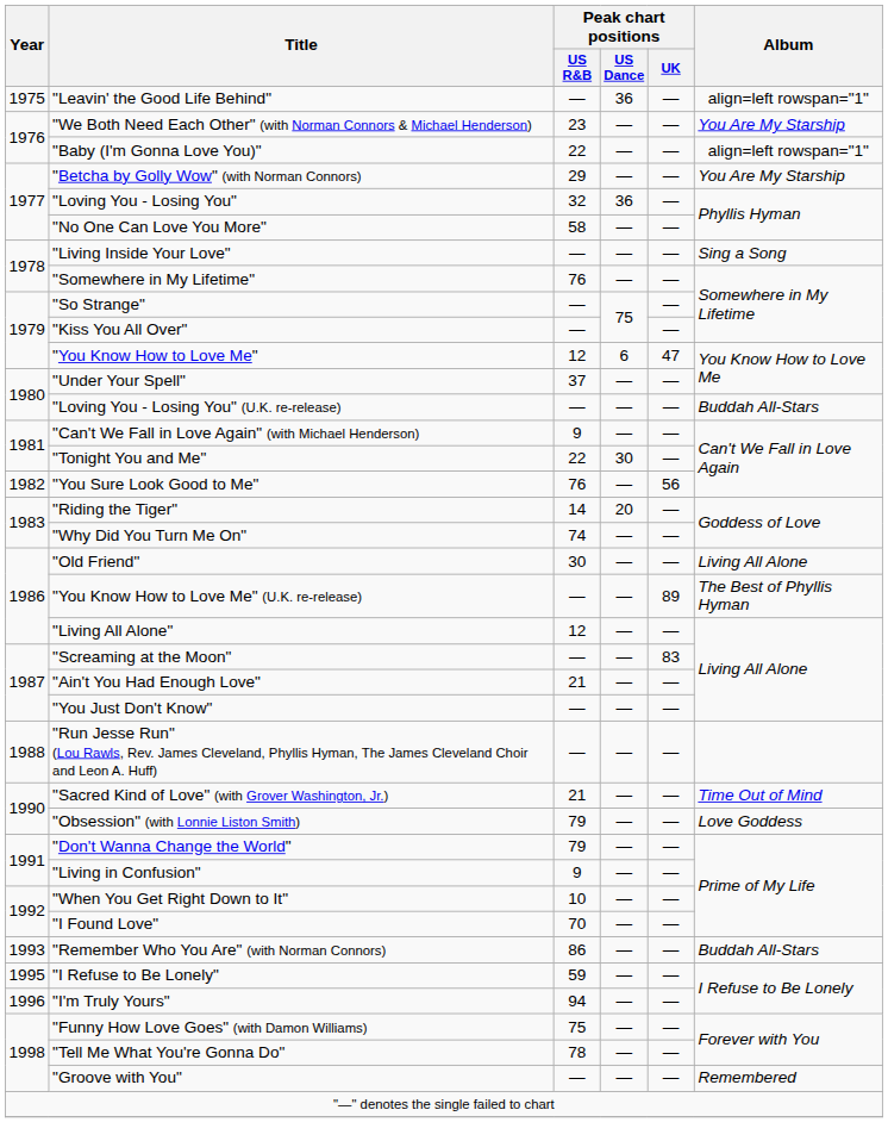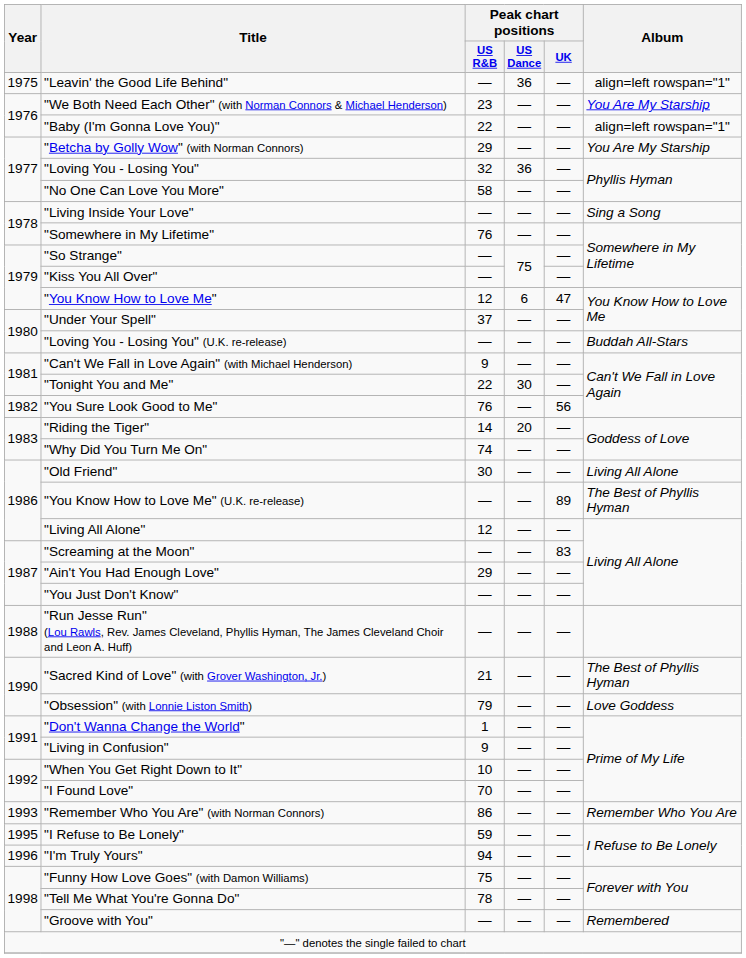 <table class="wikitable" style="text-align:center;">
 <tr>
 <th rowspan="2">Year</th>
 <th rowspan="2">Title</th>
 <th colspan="3">Peak chart positions</th>
 <th rowspan="2">Album</th>
 </tr>
 <tr style="font-size:smaller;">
 <th width="40"><a href='#'>US<br>R&B</a><br></th>
 <th width="40"><a href='#'>US<br>Dance</a><br></th>
 <th width="40"><a href='#'>UK</a><br></th>
 </tr>
 <tr>
 <td rowspan="1">1975</td>
 <td align="left">"Leavin' the Good Life Behind"</td>
 <td>—</td>
 <td>36</td>
 <td>—</td>
 <td>align=left rowspan="1" </td>
 </tr>
 <tr>
 <td rowspan="2">1976</td>
 <td align="left">"We Both Need Each Other" <small>(with <a href='#'>Norman Connors</a> & <a href='#'>Michael Henderson</a>)</small></td>
 <td>23</td>
 <td>—</td>
 <td>—</td>
 <td align="left" rowspan="1"><em><a href='#'>You Are My Starship</a></em></td>
 </tr>
 <tr>
 <td align="left">"Baby (I'm Gonna Love You)"</td>
 <td>22</td>
 <td>—</td>
 <td>—</td>
 <td>align=left rowspan="1" </td>
 </tr>
 <tr>
 <td rowspan="3">1977</td>
 <td align="left">"<a href='#'>Betcha by Golly Wow</a>" <small>(with Norman Connors)</small></td>
 <td>29</td>
 <td>—</td>
 <td>—</td>
 <td align="left" rowspan="1"><em>You Are My Starship</em></td>
 </tr>
 <tr>
 <td align="left">"Loving You - Losing You"</td>
 <td>32</td>
 <td>36</td>
 <td>—</td>
 <td align="left" rowspan="2"><em>Phyllis Hyman</em></td>
 </tr>
 <tr>
 <td align="left">"No One Can Love You More"</td>
 <td>58</td>
 <td>—</td>
 <td>—</td>
 </tr>
 <tr>
 <td rowspan="2">1978</td>
 <td align="left">"Living Inside Your Love"</td>
 <td>—</td>
 <td>—</td>
 <td>—</td>
 <td align="left"><em>Sing a Song</em></td>
 </tr>
 <tr>
 <td align="left">"Somewhere in My Lifetime"</td>
 <td>76</td>
 <td>—</td>
 <td>—</td>
 <td align="left" rowspan="3"><em>Somewhere in My Lifetime</em></td>
 </tr>
 <tr>
 <td rowspan="3">1979</td>
 <td align="left">"So Strange"</td>
 <td>—</td>
 <td rowspan="2">75</td>
 <td>—</td>
 </tr>
 <tr>
 <td align="left">"Kiss You All Over"</td>
 <td>—</td>
 <td>—</td>
 </tr>
 <tr>
 <td align="left">"<a href='#'>You Know How to Love Me</a>"</td>
 <td>12</td>
 <td>6</td>
 <td>47</td>
 <td align="left" rowspan="2"><em>You Know How to Love Me</em></td>
 </tr>
 <tr>
 <td rowspan="2">1980</td>
 <td align="left">"Under Your Spell"</td>
 <td>37</td>
 <td>—</td>
 <td>—</td>
 </tr>
 <tr>
 <td align="left">"Loving You - Losing You" <small>(U.K. re-release)</small></td>
 <td>—</td>
 <td>—</td>
 <td>—</td>
 <td align="left" rowspan="1"><em>Buddah All-Stars</em></td>
 </tr>
 <tr>
 <td rowspan="2">1981</td>
 <td align="left">"Can't We Fall in Love Again" <small>(with Michael Henderson)</small></td>
 <td>9</td>
 <td>—</td>
 <td>—</td>
 <td align="left" rowspan="3"><em>Can't We Fall in Love Again</em></td>
 </tr>
 <tr>
 <td align="left">"Tonight You and Me"</td>
 <td>22</td>
 <td>30</td>
 <td>—</td>
 </tr>
 <tr>
 <td rowspan="1">1982</td>
 <td align="left">"You Sure Look Good to Me"</td>
 <td>76</td>
 <td>—</td>
 <td>56</td>
 </tr>
 <tr>
 <td rowspan="2">1983</td>
 <td align="left">"Riding the Tiger"</td>
 <td>14</td>
 <td>20</td>
 <td>—</td>
 <td align="left" rowspan="2"><em>Goddess of Love</em></td>
 </tr>
 <tr>
 <td align="left">"Why Did You Turn Me On"</td>
 <td>74</td>
 <td>—</td>
 <td>—</td>
 </tr>
 <tr>
 <td rowspan="3">1986</td>
 <td align="left">"Old Friend"</td>
 <td>30</td>
 <td>—</td>
 <td>—</td>
 <td align="left" rowspan="1"><em>Living All Alone</em></td>
 </tr>
 <tr>
 <td align="left">"You Know How to Love Me" <small>(U.K. re-release)</small></td>
 <td>—</td>
 <td>—</td>
 <td>89</td>
 <td align="left" rowspan="1"><em>The Best of Phyllis Hyman</em></td>
 </tr>
 <tr>
 <td align="left">"Living All Alone"</td>
 <td>12</td>
 <td>—</td>
 <td>—</td>
 <td align="left" rowspan="4"><em>Living All Alone</em></td>
 </tr>
 <tr>
 <td rowspan="3">1987</td>
 <td align="left">"Screaming at the Moon"</td>
 <td>—</td>
 <td>—</td>
 <td>83</td>
 </tr>
 <tr>
 <td align="left">"Ain't You Had Enough Love"</td>
-<td>21</td>
+<td>29</td>
 <td>—</td>
 <td>—</td>
 </tr>
 <tr>
 <td align="left">"You Just Don't Know"</td>
 <td>—</td>
 <td>—</td>
 <td>—</td>
 </tr>
 <tr>
 <td>1988</td>
 <td align="left">"Run Jesse Run"<br><small>(<a href='#'>Lou Rawls</a>, Rev. James Cleveland, Phyllis Hyman, The James Cleveland Choir and Leon A. Huff)</small></td>
 <td>—</td>
 <td>—</td>
 <td>—</td>
 <td></td>
 </tr>
 <tr>
 <td rowspan="2">1990</td>
 <td align="left">"Sacred Kind of Love" <small>(with <a href='#'>Grover Washington, Jr.</a>)</small></td>
 <td>21</td>
 <td>—</td>
 <td>—</td>
-<td align="left" rowspan="1"><em><a href='#'>Time Out of Mind</a></em></td>
+<td align="left" rowspan="1"><em>The Best of Phyllis Hyman</em></td>
 </tr>
 <tr>
 <td align="left">"Obsession" <small>(with <a href='#'>Lonnie Liston Smith</a>)</small></td>
 <td>79</td>
 <td>—</td>
 <td>—</td>
 <td align="left" rowspan="1"><em>Love Goddess</em></td>
 </tr>
 <tr>
 <td rowspan="2">1991</td>
 <td align="left">"<a href='#'>Don't Wanna Change the World</a>"</td>
-<td>79</td>
+<td>1</td>
 <td>—</td>
 <td>—</td>
 <td align="left" rowspan="4"><em>Prime of My Life</em></td>
 </tr>
 <tr>
 <td align="left">"Living in Confusion"</td>
 <td>9</td>
 <td>—</td>
 <td>—</td>
 </tr>
 <tr>
 <td rowspan="2">1992</td>
 <td align="left">"When You Get Right Down to It"</td>
 <td>10</td>
 <td>—</td>
 <td>—</td>
 </tr>
 <tr>
 <td align="left">"I Found Love"</td>
 <td>70</td>
 <td>—</td>
 <td>—</td>
 </tr>
 <tr>
 <td rowspan="1">1993</td>
 <td align="left">"Remember Who You Are" <small>(with Norman Connors)</small></td>
 <td>86</td>
 <td>—</td>
 <td>—</td>
-<td align="left" rowspan="1"><em>Buddah All-Stars</em></td>
+<td align="left" rowspan="1"><em>Remember Who You Are</em></td>
 </tr>
 <tr>
 <td rowspan="1">1995</td>
 <td align="left">"I Refuse to Be Lonely"</td>
 <td>59</td>
 <td>—</td>
 <td>—</td>
 <td align="left" rowspan="2"><em>I Refuse to Be Lonely</em></td>
 </tr>
 <tr>
 <td rowspan="1">1996</td>
 <td align="left">"I'm Truly Yours"</td>
 <td>94</td>
 <td>—</td>
 <td>—</td>
 </tr>
 <tr>
 <td rowspan="3">1998</td>
 <td align="left">"Funny How Love Goes" <small>(with Damon Williams)</small></td>
 <td>75</td>
 <td>—</td>
 <td>—</td>
 <td align="left" rowspan="2"><em>Forever with You</em></td>
 </tr>
 <tr>
 <td align="left">"Tell Me What You're Gonna Do"</td>
 <td>78</td>
 <td>—</td>
 <td>—</td>
 </tr>
 <tr>
 <td align="left">"Groove with You"</td>
 <td>—</td>
 <td>—</td>
 <td>—</td>
 <td align="left"><em>Remembered</em></td>
 </tr>
 <tr>
 <td align="center" colspan="6"><small>"—" denotes the single failed to chart</small></td>
 </tr>
 <tr>
 </tr>
 </table>
